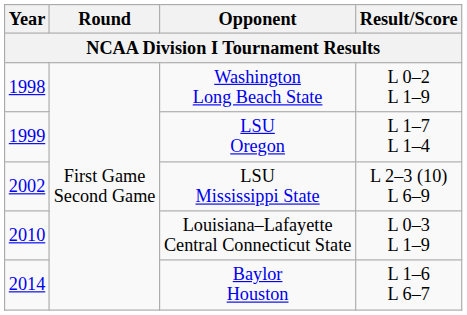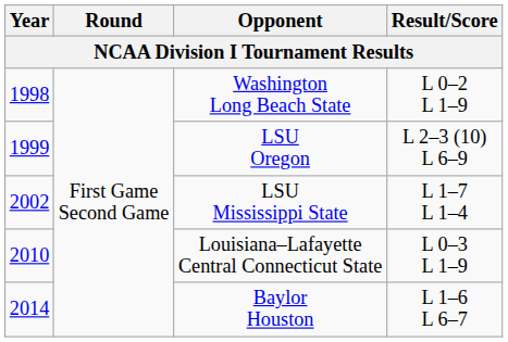 <table class="wikitable">
 <tr>
 <th>Year</th>
 <th>Round</th>
 <th>Opponent</th>
 <th>Result/Score</th>
 </tr>
 <tr>
 <th colspan=4>NCAA Division I Tournament Results</th>
 </tr>
 <tr align="center">
 <td><a href='#'>1998</a></td>
 <td rowspan="5">First Game<br>Second Game</td>
 <td><a href='#'>Washington</a> <br> <a href='#'>Long Beach State</a></td>
 <td>L 0–2<br>L 1–9</td>
 </tr>
 <tr align="center">
 <td><a href='#'>1999</a></td>
 <td><a href='#'>LSU</a> <br> <a href='#'>Oregon</a></td>
-<td>L 1–7<br>L 1–4</td>
+<td>L 2–3 (10) <br>L 6–9</td>
 </tr>
 <tr align="center">
 <td><a href='#'>2002</a></td>
 <td>LSU <br> <a href='#'>Mississippi State</a></td>
-<td>L 2–3 (10) <br>L 6–9</td>
+<td>L 1–7<br>L 1–4</td>
 </tr>
 <tr align="center">
 <td><a href='#'>2010</a></td>
 <td>Louisiana–Lafayette <br> Central Connecticut State</td>
 <td>L 0–3 <br>L 1–9</td>
 </tr>
 <tr align="center">
 <td><a href='#'>2014</a></td>
 <td><a href='#'>Baylor</a> <br> <a href='#'>Houston</a></td>
 <td>L 1–6 <br>L 6–7</td>
 </tr>
 </table>
